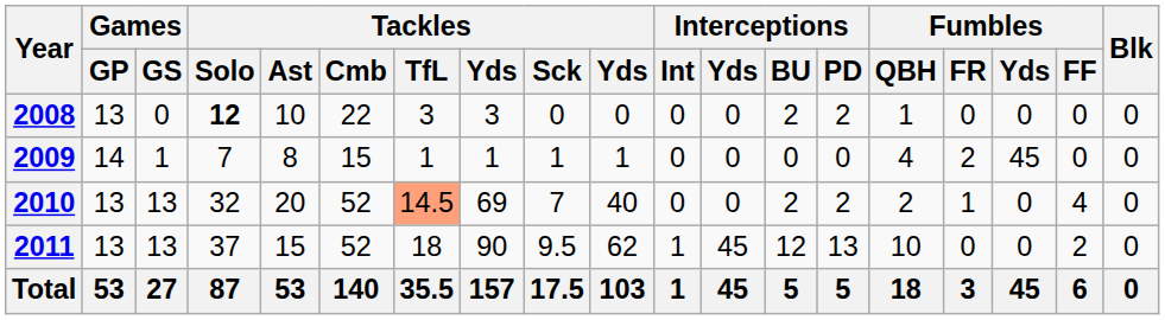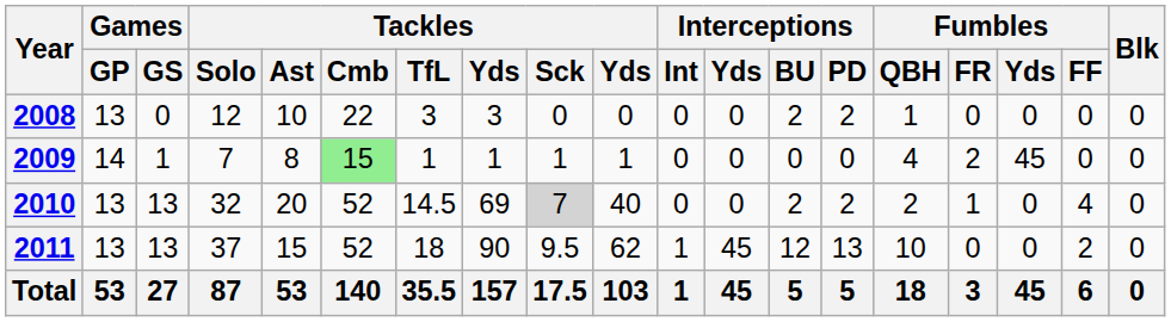 <table class=wikitable style="text-align:center;">
 <tr>
 <th rowspan="2">Year</th>
 <th colspan="2">Games</th>
 <th colspan="7">Tackles</th>
 <th colspan="4">Interceptions</th>
 <th colspan="4">Fumbles</th>
 <th rowspan="2">Blk</th>
 </tr>
 <tr>
 <th>GP</th>
 <th>GS</th>
 <th>Solo</th>
 <th>Ast</th>
 <th>Cmb</th>
 <th>TfL</th>
 <th>Yds</th>
 <th>Sck</th>
 <th>Yds</th>
 <th>Int</th>
 <th>Yds</th>
 <th>BU</th>
 <th>PD</th>
 <th>QBH</th>
 <th>FR</th>
 <th>Yds</th>
 <th>FF</th>
 </tr>
 <tr>
 <th><a href='#'>2008</a></th>
 <td>13</td>
 <td>0</td>
-<td><strong>12</strong></td>
+<td>12</td>
 <td>10</td>
 <td>22</td>
 <td>3</td>
 <td>3</td>
 <td>0</td>
 <td>0</td>
 <td>0</td>
 <td>0</td>
 <td>2</td>
 <td>2</td>
 <td>1</td>
 <td>0</td>
 <td>0</td>
 <td>0</td>
 <td>0</td>
 </tr>
 <tr>
 <th><a href='#'>2009</a></th>
 <td>14</td>
 <td>1</td>
 <td>7</td>
 <td>8</td>
-<td>15</td>
+<td style="background: lightgreen;">15</td>
 <td>1</td>
 <td>1</td>
 <td>1</td>
 <td>1</td>
 <td>0</td>
 <td>0</td>
 <td>0</td>
 <td>0</td>
 <td>4</td>
 <td>2</td>
 <td>45</td>
 <td>0</td>
 <td>0</td>
 </tr>
 <tr>
 <th><a href='#'>2010</a></th>
 <td>13</td>
 <td>13</td>
 <td>32</td>
 <td>20</td>
 <td>52</td>
-<td style="background: lightsalmon;">14.5</td>
+<td>14.5</td>
 <td>69</td>
-<td>7</td>
+<td style="background: lightgrey;">7</td>
 <td>40</td>
 <td>0</td>
 <td>0</td>
 <td>2</td>
 <td>2</td>
 <td>2</td>
 <td>1</td>
 <td>0</td>
 <td>4</td>
 <td>0</td>
 </tr>
 <tr>
 <th><a href='#'>2011</a></th>
 <td>13</td>
 <td>13</td>
 <td>37</td>
 <td>15</td>
 <td>52</td>
 <td>18</td>
 <td>90</td>
 <td>9.5</td>
 <td>62</td>
 <td>1</td>
 <td>45</td>
 <td>12</td>
 <td>13</td>
 <td>10</td>
 <td>0</td>
 <td>0</td>
 <td>2</td>
 <td>0</td>
 </tr>
 <tr>
 <th>Total</th>
 <th>53</th>
 <th>27</th>
 <th>87</th>
 <th>53</th>
 <th>140</th>
 <th>35.5</th>
 <th>157</th>
 <th>17.5</th>
 <th>103</th>
 <th>1</th>
 <th>45</th>
 <th>5</th>
 <th>5</th>
 <th>18</th>
 <th>3</th>
 <th>45</th>
 <th>6</th>
 <th>0</th>
 </tr>
 </table>
